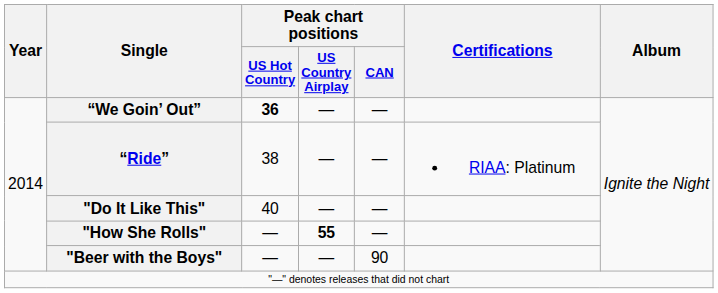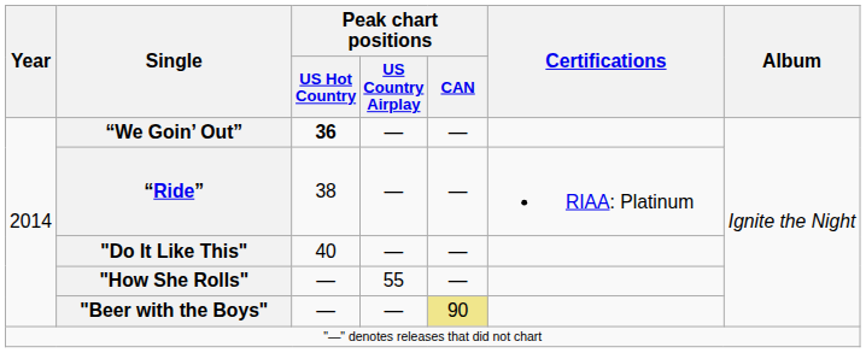 <table class="wikitable plainrowheaders" style="text-align:center;">
 <tr>
 <th rowspan="2">Year</th>
 <th rowspan="2" style="width:12em;">Single</th>
 <th colspan="3">Peak chart<br>positions</th>
 <th scope="col" rowspan="2" style="width:12em;"><a href='#'>Certifications</a><br></th>
 <th rowspan="2">Album</th>
 </tr>
 <tr style="font-size:smaller;">
 <th style="width:45px;"><a href='#'>US Hot Country</a><br></th>
 <th style="width:45px;"><a href='#'>US Country Airplay</a><br></th>
 <th style="width:45px;"><a href='#'>CAN</a><br></th>
 </tr>
 <tr>
 <td rowspan="5">2014</td>
 <th scope="row">“We Goin’ Out”</th>
 <td><strong>36</strong></td>
 <td>—</td>
 <td>—</td>
 <td></td>
 <td style="text-align:left;" rowspan="5"><em>Ignite the Night</em></td>
 </tr>
 <tr>
 <th scope="row">“<a href='#'>Ride</a>”</th>
 <td>38</td>
 <td>—</td>
 <td>—</td>
 <td><br><ul><li><a href='#'>RIAA</a>: Platinum</li></ul></td>
 </tr>
 <tr>
 <th scope="row">"Do It Like This"</th>
 <td>40</td>
 <td>—</td>
 <td>—</td>
 <td></td>
 </tr>
 <tr>
 <th scope="row">"How She Rolls"</th>
 <td>—</td>
-<td><strong>55</strong></td>
+<td>55</td>
 <td>—</td>
 <td></td>
 </tr>
 <tr>
 <th scope="row">"Beer with the Boys"</th>
 <td>—</td>
 <td>—</td>
-<td>90</td>
+<td style="background: khaki;">90</td>
 <td></td>
 </tr>
 <tr>
 <td colspan="7" style="font-size:8pt">"—" denotes releases that did not chart</td>
 </tr>
 </table>
